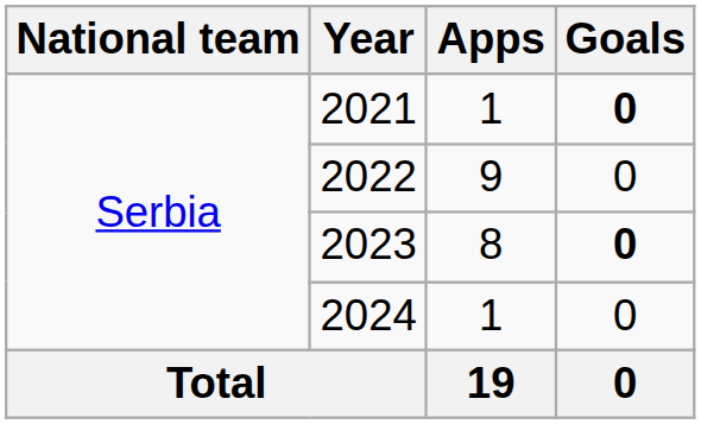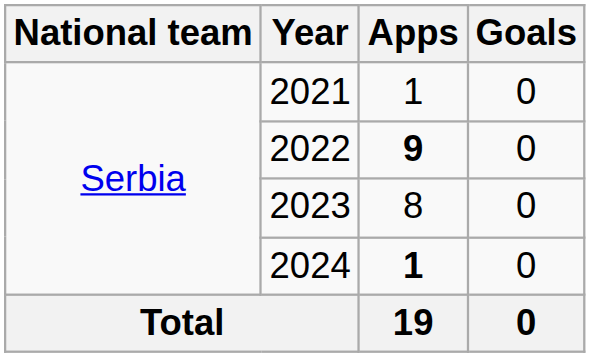 <table class="wikitable" style="text-align:center">
 <tr>
 <th>National team</th>
 <th>Year</th>
 <th>Apps</th>
 <th>Goals</th>
 </tr>
 <tr>
 <td rowspan="4"><a href='#'>Serbia</a></td>
 <td>2021</td>
 <td>1</td>
-<td><strong>0</strong></td>
+<td>0</td>
 </tr>
 <tr>
 <td>2022</td>
-<td>9</td>
+<td><strong>9</strong></td>
 <td>0</td>
 </tr>
 <tr>
 <td>2023</td>
 <td>8</td>
-<td><strong>0</strong></td>
+<td>0</td>
 </tr>
 <tr>
 <td>2024</td>
-<td>1</td>
+<td><strong>1</strong></td>
 <td>0</td>
 </tr>
 <tr>
 <th colspan="2">Total</th>
 <th>19</th>
 <th>0</th>
 </tr>
 </table>
